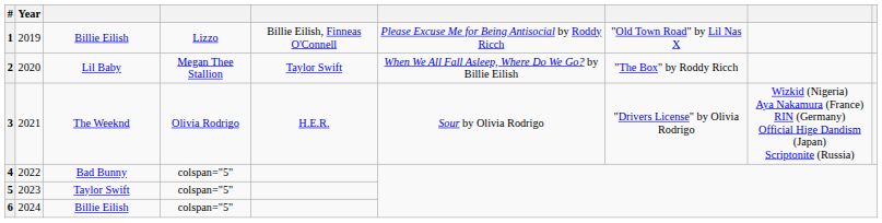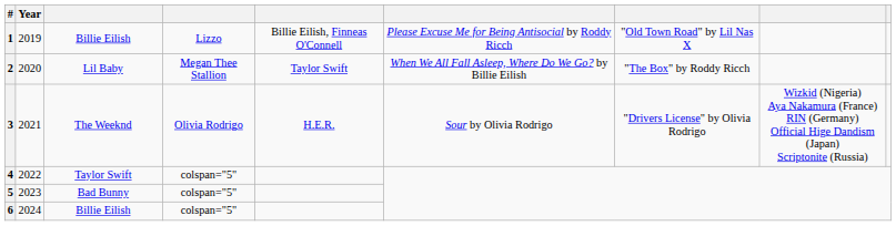 <table class="wikitable plainrowheaders" style="text-align:center;">
 <tr>
 <th scope="col">#</th>
 <th scope="col">Year</th>
 <th scope="col" style="width:10em;"></th>
 <th scope="col"></th>
 <th scope="col"></th>
 <th scope="col"></th>
 <th scope="col"></th>
 <th scope="col"></th>
 <th scope="col" class="unsortable"></th>
 </tr>
 <tr>
 <th scope="row"align="center">1</th>
 <td align="center">2019</td>
 <td><a href='#'>Billie Eilish</a></td>
 <td><a href='#'>Lizzo</a></td>
 <td>Billie Eilish, <a href='#'>Finneas O'Connell</a></td>
 <td><em><a href='#'>Please Excuse Me for Being Antisocial</a></em> by <a href='#'>Roddy Ricch</a></td>
 <td>"<a href='#'>Old Town Road</a>" by <a href='#'>Lil Nas X</a></td>
 <td></td>
 <td align="center"></td>
 </tr>
 <tr>
 <th scope="row"align="center">2</th>
 <td align="center">2020</td>
 <td><a href='#'>Lil Baby</a></td>
 <td><a href='#'>Megan Thee Stallion</a></td>
 <td><a href='#'>Taylor Swift</a></td>
 <td><em><a href='#'>When We All Fall Asleep, Where Do We Go?</a></em> by Billie Eilish</td>
 <td>"<a href='#'>The Box</a>" by Roddy Ricch</td>
 <td></td>
 <td align="center"></td>
 </tr>
 <tr>
 <th scope="row" align="center">3</th>
 <td align="center">2021</td>
 <td><a href='#'>The Weeknd</a></td>
 <td><a href='#'>Olivia Rodrigo</a></td>
 <td><a href='#'>H.E.R.</a></td>
 <td><em><a href='#'>Sour</a></em> by Olivia Rodrigo</td>
 <td>"<a href='#'>Drivers License</a>" by Olivia Rodrigo</td>
 <td><a href='#'>Wizkid</a> (Nigeria)<br><a href='#'>Aya Nakamura</a> (France)<br><a href='#'>RIN</a> (Germany)<br><a href='#'>Official Hige Dandism</a> (Japan)<br><a href='#'>Scriptonite</a> (Russia)</td>
 <td align="center"></td>
 </tr>
 <tr>
 <th scope="row" align="center">4</th>
 <td align="center">2022</td>
-<td><a href='#'>Bad Bunny</a></td>
+<td><a href='#'>Taylor Swift</a></td>
 <td>colspan="5" </td>
 <td align="center"></td>
 </tr>
 <tr>
 <th scope="row"align="center">5</th>
 <td align="center">2023</td>
-<td><a href='#'>Taylor Swift</a></td>
+<td><a href='#'>Bad Bunny</a></td>
 <td>colspan="5" </td>
 <td align="center"></td>
 </tr>
 <tr>
 <th scope="row" align="center">6</th>
 <td align="center">2024</td>
 <td><a href='#'>Billie Eilish</a></td>
 <td>colspan="5" </td>
 <td align="center"></td>
 </tr>
 </table>
